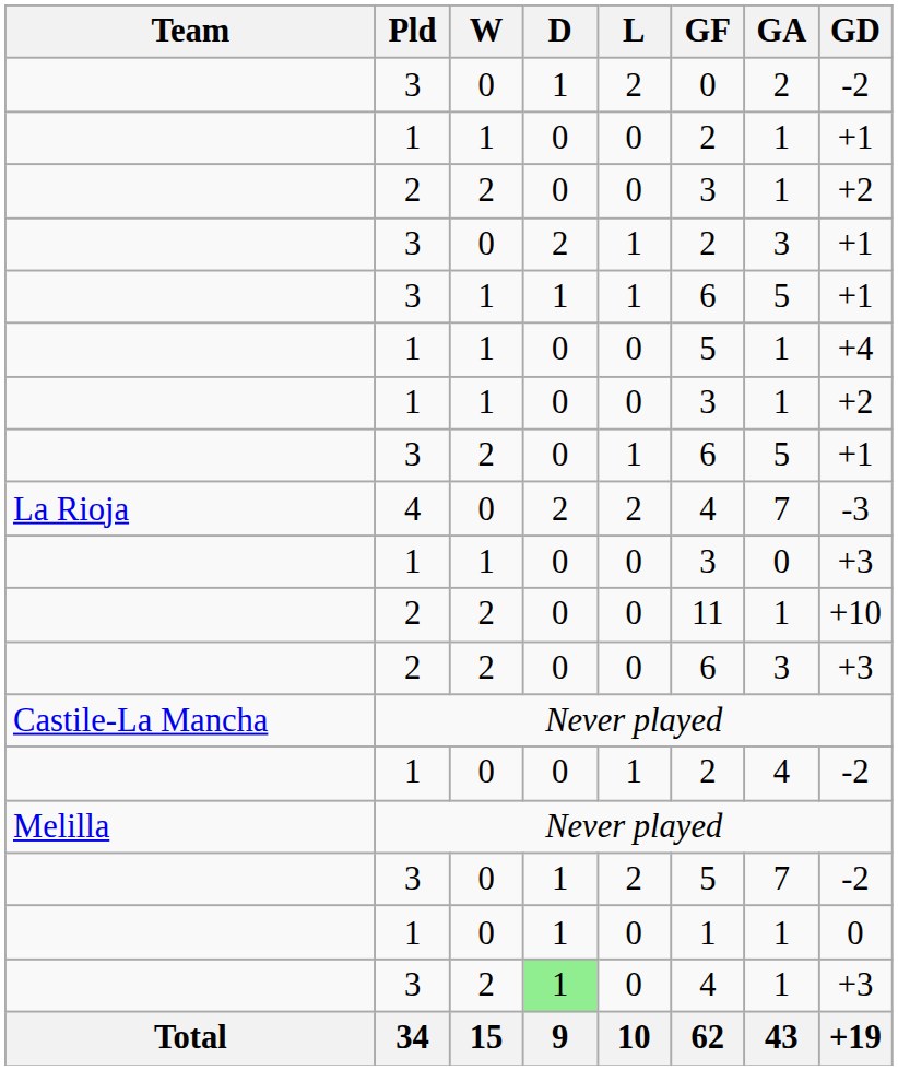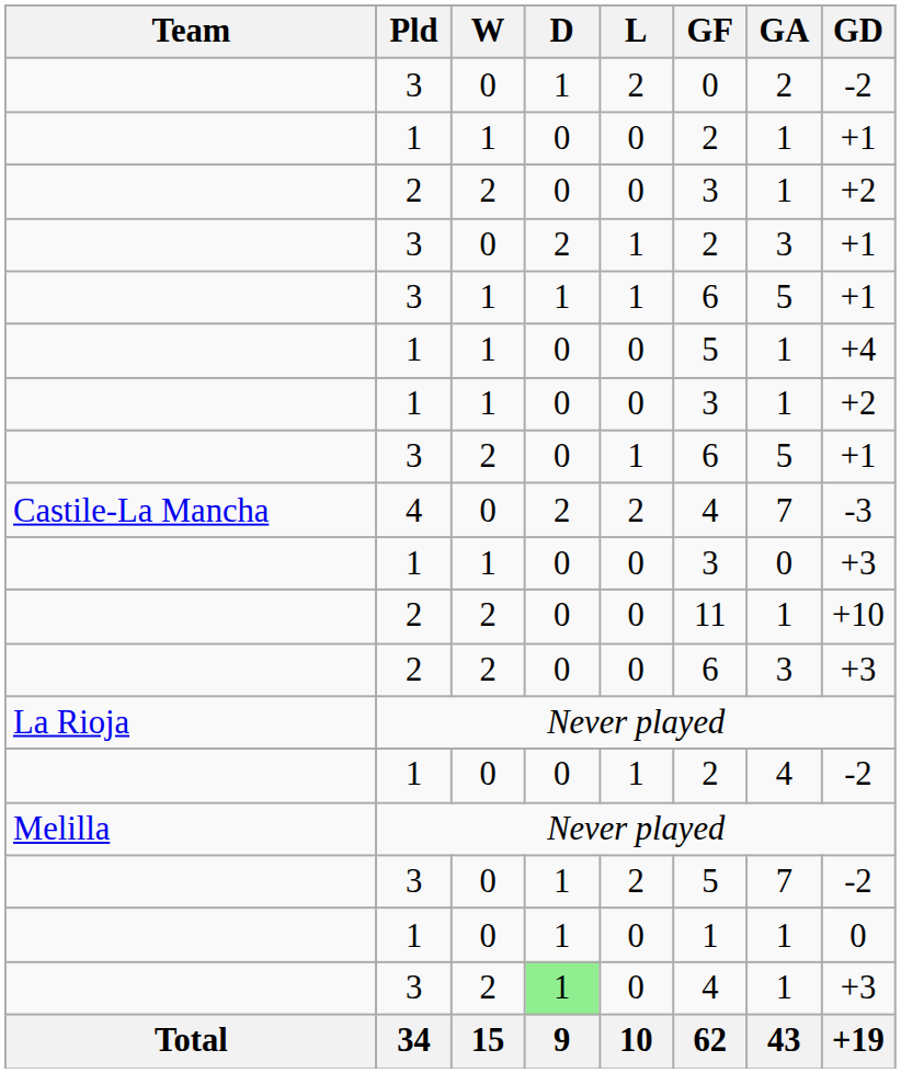 <table class="wikitable sortable collapsible collapsed" style="text-align:center">
 <tr>
 <th style="width:170px">Team</th>
 <th style="width:28px">Pld</th>
 <th style="width:28px">W</th>
 <th style="width:28px">D</th>
 <th style="width:28px">L</th>
 <th style="width:28px">GF</th>
 <th style="width:28px">GA</th>
 <th style="width:28px">GD</th>
 </tr>
 <tr>
 <td align=left></td>
 <td>3</td>
 <td>0</td>
 <td>1</td>
 <td>2</td>
 <td>0</td>
 <td>2</td>
 <td>-2</td>
 </tr>
 <tr>
 <td align=left></td>
 <td>1</td>
 <td>1</td>
 <td>0</td>
 <td>0</td>
 <td>2</td>
 <td>1</td>
 <td>+1</td>
 </tr>
 <tr>
 <td align=left></td>
 <td>2</td>
 <td>2</td>
 <td>0</td>
 <td>0</td>
 <td>3</td>
 <td>1</td>
 <td>+2</td>
 </tr>
 <tr>
 <td align=left></td>
 <td>3</td>
 <td>0</td>
 <td>2</td>
 <td>1</td>
 <td>2</td>
 <td>3</td>
 <td>+1</td>
 </tr>
 <tr>
 <td align=left></td>
 <td>3</td>
 <td>1</td>
 <td>1</td>
 <td>1</td>
 <td>6</td>
 <td>5</td>
 <td>+1</td>
 </tr>
 <tr>
 <td align=left></td>
 <td>1</td>
 <td>1</td>
 <td>0</td>
 <td>0</td>
 <td>5</td>
 <td>1</td>
 <td>+4</td>
 </tr>
 <tr>
 <td align=left></td>
 <td>1</td>
 <td>1</td>
 <td>0</td>
 <td>0</td>
 <td>3</td>
 <td>1</td>
 <td>+2</td>
 </tr>
 <tr>
 <td align=left></td>
 <td>3</td>
 <td>2</td>
 <td>0</td>
 <td>1</td>
 <td>6</td>
 <td>5</td>
 <td>+1</td>
 </tr>
 <tr>
-<td align=left> <a href='#'>La Rioja</a></td>
+<td align=left> <a href='#'>Castile-La Mancha</a></td>
 <td>4</td>
 <td>0</td>
 <td>2</td>
 <td>2</td>
 <td>4</td>
 <td>7</td>
 <td>-3</td>
 </tr>
 <tr>
 <td align=left></td>
 <td>1</td>
 <td>1</td>
 <td>0</td>
 <td>0</td>
 <td>3</td>
 <td>0</td>
 <td>+3</td>
 </tr>
 <tr>
 <td align=left></td>
 <td>2</td>
 <td>2</td>
 <td>0</td>
 <td>0</td>
 <td>11</td>
 <td>1</td>
 <td>+10</td>
 </tr>
 <tr>
 <td align=left></td>
 <td>2</td>
 <td>2</td>
 <td>0</td>
 <td>0</td>
 <td>6</td>
 <td>3</td>
 <td>+3</td>
 </tr>
 <tr>
-<td align=left> <a href='#'>Castile-La Mancha</a></td>
+<td align=left> <a href='#'>La Rioja</a></td>
 <td colspan=7><em>Never played</em></td>
 </tr>
 <tr>
 <td align=left></td>
 <td>1</td>
 <td>0</td>
 <td>0</td>
 <td>1</td>
 <td>2</td>
 <td>4</td>
 <td>-2</td>
 </tr>
 <tr>
 <td align=left> <a href='#'>Melilla</a></td>
 <td colspan=7><em>Never played</em></td>
 </tr>
 <tr>
 <td align=left></td>
 <td>3</td>
 <td>0</td>
 <td>1</td>
 <td>2</td>
 <td>5</td>
 <td>7</td>
 <td>-2</td>
 </tr>
 <tr>
 <td align=left></td>
 <td>1</td>
 <td>0</td>
 <td>1</td>
 <td>0</td>
 <td>1</td>
 <td>1</td>
 <td>0</td>
 </tr>
 <tr>
 <td align=left></td>
 <td>3</td>
 <td>2</td>
 <td style="background: lightgreen;">1</td>
 <td>0</td>
 <td>4</td>
 <td>1</td>
 <td>+3</td>
 </tr>
 <tr>
 <th align=left>Total</th>
 <th>34</th>
 <th>15</th>
 <th>9</th>
 <th>10</th>
 <th>62</th>
 <th>43</th>
 <th>+19</th>
 </tr>
 </table>
